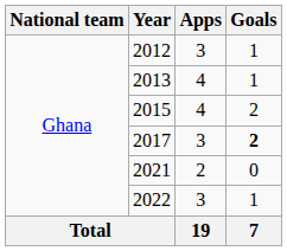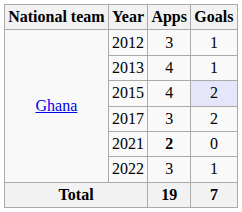 <table class="wikitable" style="text-align:center">
 <tr>
 <th>National team</th>
 <th>Year</th>
 <th>Apps</th>
 <th>Goals</th>
 </tr>
 <tr>
 <td rowspan="6"><a href='#'>Ghana</a></td>
 <td>2012</td>
 <td>3</td>
 <td>1</td>
 </tr>
 <tr>
 <td>2013</td>
 <td>4</td>
 <td>1</td>
 </tr>
 <tr>
 <td>2015</td>
 <td>4</td>
-<td>2</td>
+<td style="background: lavender;">2</td>
 </tr>
 <tr>
 <td>2017</td>
 <td>3</td>
-<td><strong>2</strong></td>
+<td>2</td>
 </tr>
 <tr>
 <td>2021</td>
-<td>2</td>
+<td><strong>2</strong></td>
 <td>0</td>
 </tr>
 <tr>
 <td>2022</td>
 <td>3</td>
 <td>1</td>
 </tr>
 <tr>
 <th colspan="2">Total</th>
 <th>19</th>
 <th>7</th>
 </tr>
 </table>
